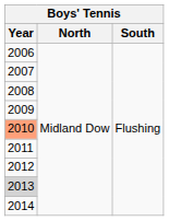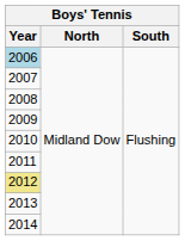 <table class="wikitable collapsible">
 <tr>
 <th colspan=3>Boys' Tennis</th>
 </tr>
 <tr>
 <th>Year</th>
 <th>North</th>
 <th>South</th>
 </tr>
 <tr>
-<td>2006</td>
+<td style="background: lightblue;">2006</td>
 <td rowspan="9">Midland Dow</td>
 <td rowspan="9">Flushing</td>
 </tr>
 <tr>
 <td>2007</td>
 </tr>
 <tr>
 <td>2008</td>
 </tr>
 <tr>
 <td>2009</td>
 </tr>
 <tr>
-<td style="background: lightsalmon;">2010</td>
+<td>2010</td>
 </tr>
 <tr>
 <td>2011</td>
 </tr>
 <tr>
-<td>2012</td>
+<td style="background: khaki;">2012</td>
 </tr>
 <tr>
-<td style="background: lightgrey;">2013</td>
+<td>2013</td>
 </tr>
 <tr>
 <td>2014</td>
 </tr>
 </table>
